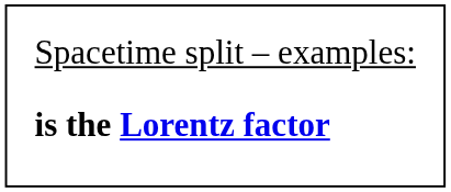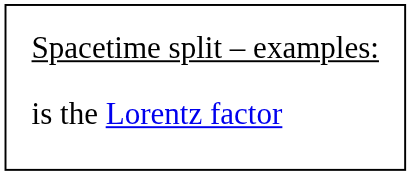 <table style="margin:0 1em 1em; text-align:left; border:1px solid black; padding:10px; float:right;">
 <tr>
 <td><u>Spacetime split – examples:</u></td>
 </tr>
 <tr>
 <td></td>
 </tr>
 <tr>
 <td></td>
 </tr>
 <tr>
 <td></td>
 </tr>
 <tr>
-<td><strong> is the <a href='#'>Lorentz factor</a></strong></td>
+<td> is the <a href='#'>Lorentz factor</a></td>
 </tr>
 <tr>
 </tr>
 <tr>
 <td></td>
 </tr>
 </table>
